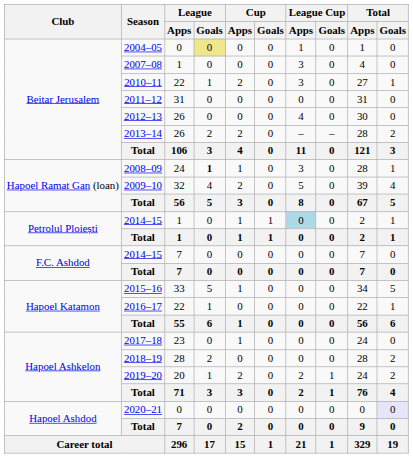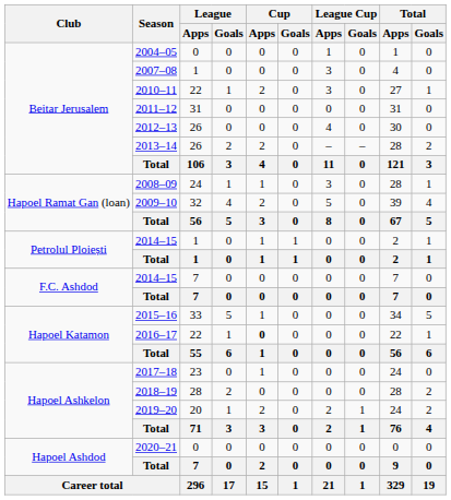 <table class="wikitable" border="1" style="font-size:100%; text-align: center;">
 <tr>
 <th rowspan="2">Club</th>
 <th rowspan="2">Season</th>
 <th colspan="2">League</th>
 <th colspan="2">Cup</th>
 <th colspan="2">League Cup</th>
 <th colspan="2">Total</th>
 </tr>
 <tr>
 <th>Apps</th>
 <th>Goals</th>
 <th>Apps</th>
 <th>Goals</th>
 <th>Apps</th>
 <th>Goals</th>
 <th>Apps</th>
 <th>Goals</th>
 </tr>
 <tr>
 <td rowspan="7" valign="center"><a href='#'>Beitar Jerusalem</a></td>
 <td><a href='#'>2004–05</a></td>
 <td>0</td>
-<td style="background: khaki;">0</td>
+<td>0</td>
 <td>0</td>
 <td>0</td>
 <td>1</td>
 <td>0</td>
 <td>1</td>
 <td>0</td>
 </tr>
 <tr>
 <td><a href='#'>2007–08</a></td>
 <td>1</td>
 <td>0</td>
 <td>0</td>
 <td>0</td>
 <td>3</td>
 <td>0</td>
 <td>4</td>
 <td>0</td>
 </tr>
 <tr>
 <td><a href='#'>2010–11</a></td>
 <td>22</td>
 <td>1</td>
 <td>2</td>
 <td>0</td>
 <td>3</td>
 <td>0</td>
 <td>27</td>
 <td>1</td>
 </tr>
 <tr>
 <td><a href='#'>2011–12</a></td>
 <td>31</td>
 <td>0</td>
 <td>0</td>
 <td>0</td>
 <td>0</td>
 <td>0</td>
 <td>31</td>
 <td>0</td>
 </tr>
 <tr>
 <td><a href='#'>2012–13</a></td>
 <td>26</td>
 <td>0</td>
 <td>0</td>
 <td>0</td>
 <td>4</td>
 <td>0</td>
 <td>30</td>
 <td>0</td>
 </tr>
 <tr>
 <td><a href='#'>2013–14</a></td>
 <td>26</td>
 <td>2</td>
 <td>2</td>
 <td>0</td>
 <td>–</td>
 <td>–</td>
 <td>28</td>
 <td>2</td>
 </tr>
 <tr>
 <th>Total</th>
 <th>106</th>
 <th>3</th>
 <th>4</th>
 <th>0</th>
 <th>11</th>
 <th>0</th>
 <th>121</th>
 <th>3</th>
 </tr>
 <tr>
 <td rowspan="3" valign="center"><a href='#'>Hapoel Ramat Gan</a> (loan)</td>
 <td><a href='#'>2008–09</a></td>
 <td>24</td>
-<td><strong>1</strong></td>
+<td>1</td>
 <td>1</td>
 <td>0</td>
 <td>3</td>
 <td>0</td>
 <td>28</td>
 <td>1</td>
 </tr>
 <tr>
 <td><a href='#'>2009–10</a></td>
 <td>32</td>
 <td>4</td>
 <td>2</td>
 <td>0</td>
 <td>5</td>
 <td>0</td>
 <td>39</td>
 <td>4</td>
 </tr>
 <tr>
 <th>Total</th>
 <th>56</th>
 <th>5</th>
 <th>3</th>
 <th>0</th>
 <th>8</th>
 <th>0</th>
 <th>67</th>
 <th>5</th>
 </tr>
 <tr>
 <td rowspan="2" valign="center"><a href='#'>Petrolul Ploiești</a></td>
 <td><a href='#'>2014–15</a></td>
 <td>1</td>
 <td>0</td>
 <td>1</td>
 <td>1</td>
-<td style="background: lightblue;">0</td>
+<td>0</td>
 <td>0</td>
 <td>2</td>
 <td>1</td>
 </tr>
 <tr>
 <th>Total</th>
 <th>1</th>
 <th>0</th>
 <th>1</th>
 <th>1</th>
 <th>0</th>
 <th>0</th>
 <th>2</th>
 <th>1</th>
 </tr>
 <tr>
 <td rowspan="2" valign="center"><a href='#'>F.C. Ashdod</a></td>
 <td><a href='#'>2014–15</a></td>
 <td>7</td>
 <td>0</td>
 <td>0</td>
 <td>0</td>
 <td>0</td>
 <td>0</td>
 <td>7</td>
 <td>0</td>
 </tr>
 <tr>
 <th>Total</th>
 <th>7</th>
 <th>0</th>
 <th>0</th>
 <th>0</th>
 <th>0</th>
 <th>0</th>
 <th>7</th>
 <th>0</th>
 </tr>
 <tr>
 <td rowspan="3" valign="center"><a href='#'>Hapoel Katamon</a></td>
 <td><a href='#'>2015–16</a></td>
 <td>33</td>
 <td>5</td>
 <td>1</td>
 <td>0</td>
 <td>0</td>
 <td>0</td>
 <td>34</td>
 <td>5</td>
 </tr>
 <tr>
 <td><a href='#'>2016–17</a></td>
 <td>22</td>
 <td>1</td>
-<td>0</td>
+<td><strong>0</strong></td>
 <td>0</td>
 <td>0</td>
 <td>0</td>
 <td>22</td>
 <td>1</td>
 </tr>
 <tr>
 <th>Total</th>
 <th>55</th>
 <th>6</th>
 <th>1</th>
 <th>0</th>
 <th>0</th>
 <th>0</th>
 <th>56</th>
 <th>6</th>
 </tr>
 <tr>
 <td rowspan="4" valign="center"><a href='#'>Hapoel Ashkelon</a></td>
 <td><a href='#'>2017–18</a></td>
 <td>23</td>
 <td>0</td>
 <td>1</td>
 <td>0</td>
 <td>0</td>
 <td>0</td>
 <td>24</td>
 <td>0</td>
 </tr>
 <tr>
 <td><a href='#'>2018–19</a></td>
 <td>28</td>
 <td>2</td>
 <td>0</td>
 <td>0</td>
 <td>0</td>
 <td>0</td>
 <td>28</td>
 <td>2</td>
 </tr>
 <tr>
 <td><a href='#'>2019–20</a></td>
 <td>20</td>
 <td>1</td>
 <td>2</td>
 <td>0</td>
 <td>2</td>
 <td>1</td>
 <td>24</td>
 <td>2</td>
 </tr>
 <tr>
 <th>Total</th>
 <th>71</th>
 <th>3</th>
 <th>3</th>
 <th>0</th>
 <th>2</th>
 <th>1</th>
 <th>76</th>
 <th>4</th>
 </tr>
 <tr>
 <td rowspan="2" valign="center"><a href='#'>Hapoel Ashdod</a></td>
 <td><a href='#'>2020–21</a></td>
 <td>0</td>
 <td>0</td>
 <td>0</td>
 <td>0</td>
 <td>0</td>
 <td>0</td>
 <td>0</td>
-<td style="background: lavender;">0</td>
+<td>0</td>
 </tr>
 <tr>
 <th>Total</th>
 <th>7</th>
 <th>0</th>
 <th>2</th>
 <th>0</th>
 <th>0</th>
 <th>0</th>
 <th>9</th>
 <th>0</th>
 </tr>
 <tr>
 <th colspan="2">Career total</th>
 <th>296</th>
 <th>17</th>
 <th>15</th>
 <th>1</th>
 <th>21</th>
 <th>1</th>
 <th>329</th>
 <th>19</th>
 </tr>
 </table>
